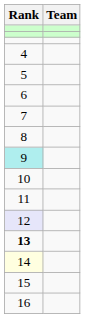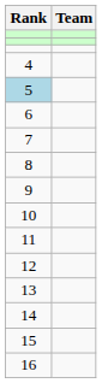 <table class="wikitable" style="text-align:center;">
 <tr>
 <th width=40>Rank</th>
 <th>Team</th>
 </tr>
 <tr bgcolor=#ccffcc>
 <td></td>
 <td style="text-align:left;"></td>
 </tr>
 <tr bgcolor=#ccffcc>
 <td></td>
 <td style="text-align:left;"></td>
 </tr>
 <tr>
 <td></td>
 <td style="text-align:left;"></td>
 </tr>
 <tr>
 <td>4</td>
 <td style="text-align:left;"></td>
 </tr>
 <tr>
-<td>5</td>
+<td style="background: lightblue;">5</td>
 <td style="text-align:left;"></td>
 </tr>
 <tr>
 <td>6</td>
 <td style="text-align:left;"></td>
 </tr>
 <tr>
 <td>7</td>
 <td style="text-align:left;"></td>
 </tr>
 <tr>
 <td>8</td>
 <td style="text-align:left;"></td>
 </tr>
 <tr>
-<td style="background: paleturquoise;">9</td>
+<td>9</td>
 <td style="text-align:left;"></td>
 </tr>
 <tr>
 <td>10</td>
 <td style="text-align:left;"></td>
 </tr>
 <tr>
 <td>11</td>
 <td style="text-align:left;"></td>
 </tr>
 <tr>
-<td style="background: lavender;">12</td>
+<td>12</td>
 <td style="text-align:left;"></td>
 </tr>
 <tr>
-<td><strong>13</strong></td>
+<td>13</td>
 <td style="text-align:left;"></td>
 </tr>
 <tr>
-<td style="background: lightyellow;">14</td>
+<td>14</td>
 <td style="text-align:left;"></td>
 </tr>
 <tr>
 <td>15</td>
 <td style="text-align:left;"></td>
 </tr>
 <tr>
 <td>16</td>
 <td style="text-align:left;"></td>
 </tr>
 </table>
